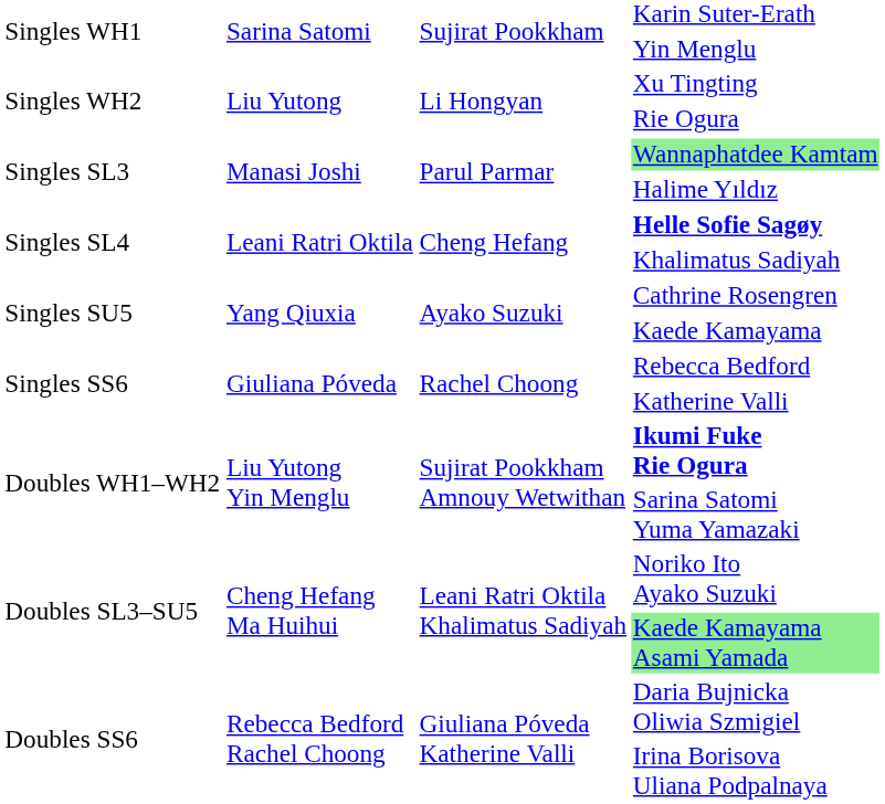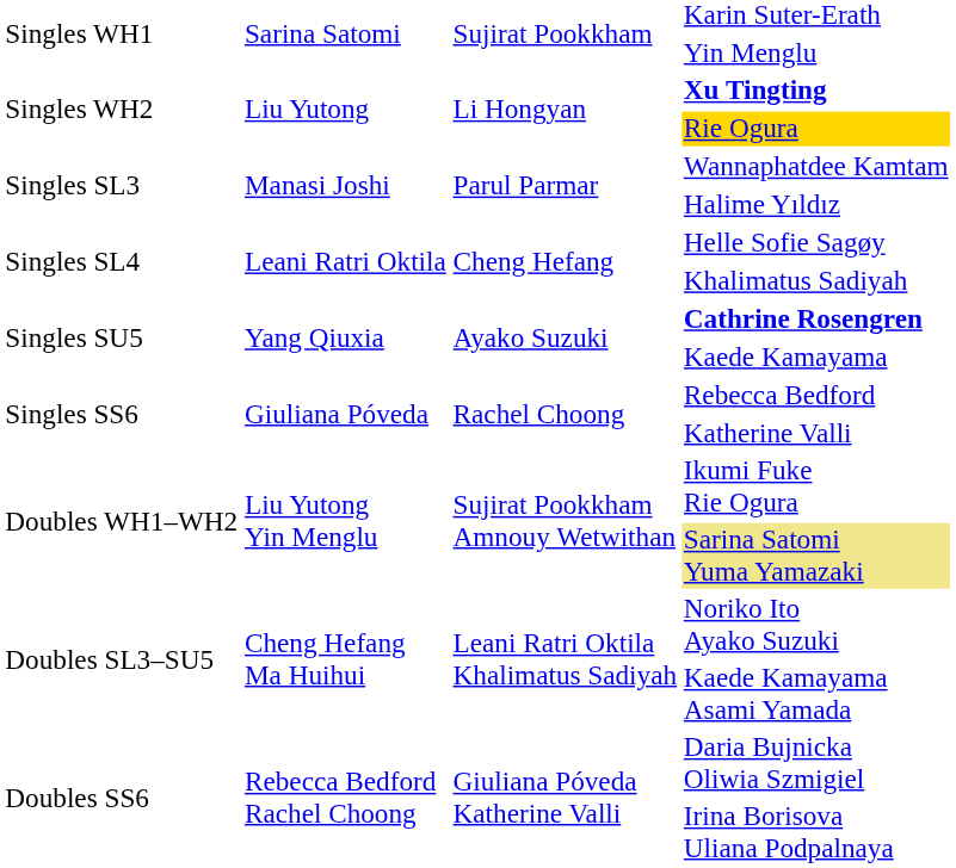 <table>
 <tr>
 <td rowspan="2">Singles WH1<br></td>
 <td rowspan="2"> <a href='#'>Sarina Satomi</a></td>
 <td rowspan="2"> <a href='#'>Sujirat Pookkham</a></td>
 <td> <a href='#'>Karin Suter-Erath</a></td>
 </tr>
 <tr>
 <td> <a href='#'>Yin Menglu</a></td>
 </tr>
 <tr>
 <td rowspan="2">Singles WH2<br></td>
 <td rowspan="2"> <a href='#'>Liu Yutong</a></td>
 <td rowspan="2"> <a href='#'>Li Hongyan</a></td>
-<td> <a href='#'>Xu Tingting</a></td>
+<td><strong> <a href='#'>Xu Tingting</a></strong></td>
 </tr>
 <tr>
-<td> <a href='#'>Rie Ogura</a></td>
+<td style="background: gold;"> <a href='#'>Rie Ogura</a></td>
 </tr>
 <tr>
 <td rowspan="2">Singles SL3<br></td>
 <td rowspan="2"> <a href='#'>Manasi Joshi</a></td>
 <td rowspan="2"> <a href='#'>Parul Parmar</a></td>
-<td style="background: lightgreen;"> <a href='#'>Wannaphatdee Kamtam</a></td>
+<td> <a href='#'>Wannaphatdee Kamtam</a></td>
 </tr>
 <tr>
 <td> <a href='#'>Halime Yıldız</a></td>
 </tr>
 <tr>
 <td rowspan="2">Singles SL4<br></td>
 <td rowspan="2"> <a href='#'>Leani Ratri Oktila</a></td>
 <td rowspan="2"> <a href='#'>Cheng Hefang</a></td>
-<td><strong> <a href='#'>Helle Sofie Sagøy</a></strong></td>
+<td> <a href='#'>Helle Sofie Sagøy</a></td>
 </tr>
 <tr>
 <td> <a href='#'>Khalimatus Sadiyah</a></td>
 </tr>
 <tr>
 <td rowspan="2">Singles SU5<br></td>
 <td rowspan="2"> <a href='#'>Yang Qiuxia</a></td>
 <td rowspan="2"> <a href='#'>Ayako Suzuki</a></td>
-<td> <a href='#'>Cathrine Rosengren</a></td>
+<td><strong> <a href='#'>Cathrine Rosengren</a></strong></td>
 </tr>
 <tr>
 <td> <a href='#'>Kaede Kamayama</a></td>
 </tr>
 <tr>
 <td rowspan="2">Singles SS6<br></td>
 <td rowspan="2"> <a href='#'>Giuliana Póveda</a></td>
 <td rowspan="2"> <a href='#'>Rachel Choong</a></td>
 <td> <a href='#'>Rebecca Bedford</a></td>
 </tr>
 <tr>
 <td> <a href='#'>Katherine Valli</a></td>
 </tr>
 <tr>
 <td rowspan="2">Doubles WH1–WH2<br></td>
 <td rowspan="2"> <a href='#'>Liu Yutong</a><br> <a href='#'>Yin Menglu</a></td>
 <td rowspan="2"> <a href='#'>Sujirat Pookkham</a><br> <a href='#'>Amnouy Wetwithan</a></td>
-<td><strong> <a href='#'>Ikumi Fuke</a><br> <a href='#'>Rie Ogura</a></strong></td>
+<td> <a href='#'>Ikumi Fuke</a><br> <a href='#'>Rie Ogura</a></td>
 </tr>
 <tr>
-<td> <a href='#'>Sarina Satomi</a><br> <a href='#'>Yuma Yamazaki</a></td>
+<td style="background: khaki;"> <a href='#'>Sarina Satomi</a><br> <a href='#'>Yuma Yamazaki</a></td>
 </tr>
 <tr>
 <td rowspan="2">Doubles SL3–SU5<br></td>
 <td rowspan="2"> <a href='#'>Cheng Hefang</a><br> <a href='#'>Ma Huihui</a></td>
 <td rowspan="2"> <a href='#'>Leani Ratri Oktila</a><br> <a href='#'>Khalimatus Sadiyah</a></td>
 <td> <a href='#'>Noriko Ito</a><br> <a href='#'>Ayako Suzuki</a></td>
 </tr>
 <tr>
-<td style="background: lightgreen;"> <a href='#'>Kaede Kamayama</a><br> <a href='#'>Asami Yamada</a></td>
+<td> <a href='#'>Kaede Kamayama</a><br> <a href='#'>Asami Yamada</a></td>
 </tr>
 <tr>
 <td rowspan="2">Doubles SS6<br></td>
 <td rowspan="2"> <a href='#'>Rebecca Bedford</a><br> <a href='#'>Rachel Choong</a></td>
 <td rowspan="2"> <a href='#'>Giuliana Póveda</a><br> <a href='#'>Katherine Valli</a></td>
 <td> <a href='#'>Daria Bujnicka</a><br> <a href='#'>Oliwia Szmigiel</a></td>
 </tr>
 <tr>
 <td> <a href='#'>Irina Borisova</a><br> <a href='#'>Uliana Podpalnaya</a></td>
 </tr>
 </table>
